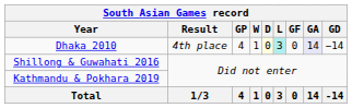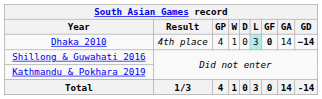 <table class="wikitable sortable" style="text-align: center; width:50%;">
 <tr>
 <th colspan="9"><a href='#'>South Asian Games</a> record</th>
 </tr>
 <tr>
 <th>Year</th>
 <th>Result</th>
 <th>GP</th>
 <th>W</th>
 <th>D</th>
 <th>L</th>
 <th>GF</th>
 <th>GA</th>
 <th>GD</th>
 </tr>
 <tr>
 <td> <a href='#'>Dhaka 2010</a></td>
 <td><em>4th place</em></td>
 <td>4</td>
 <td>1</td>
-<td style="background: lightyellow;">0</td>
+<td>0</td>
 <td style="background: paleturquoise;">3</td>
-<td>0</td>
-<td style="background: lavender;">14</td>
-<td>−14</td>
+<td><strong>0</strong></td>
+<td>14</td>
+<td><strong>−14</strong></td>
 </tr>
 <tr>
 <td> <a href='#'>Shillong & Guwahati 2016</a></td>
 <td colspan="8" rowspan="2"><em>Did not enter</em></td>
 </tr>
 <tr>
 <td> <a href='#'>Kathmandu & Pokhara 2019</a></td>
 </tr>
 <tr>
 <th>Total</th>
 <th>1/3</th>
 <th>4</th>
 <th>1</th>
 <th>0</th>
 <th>3</th>
 <th>0</th>
 <th>14</th>
 <th>-14</th>
 </tr>
 </table>
